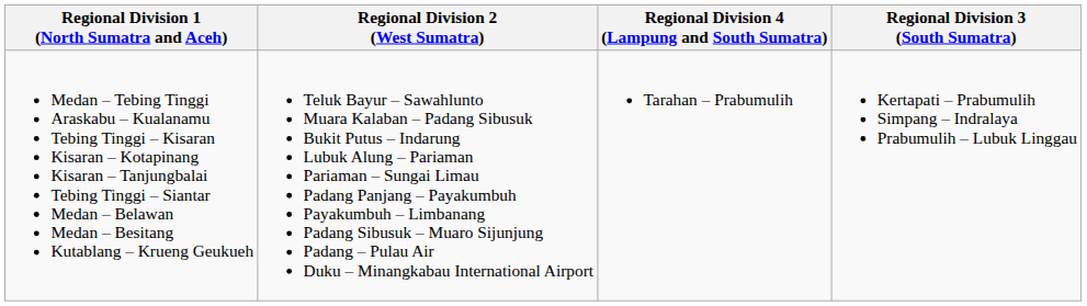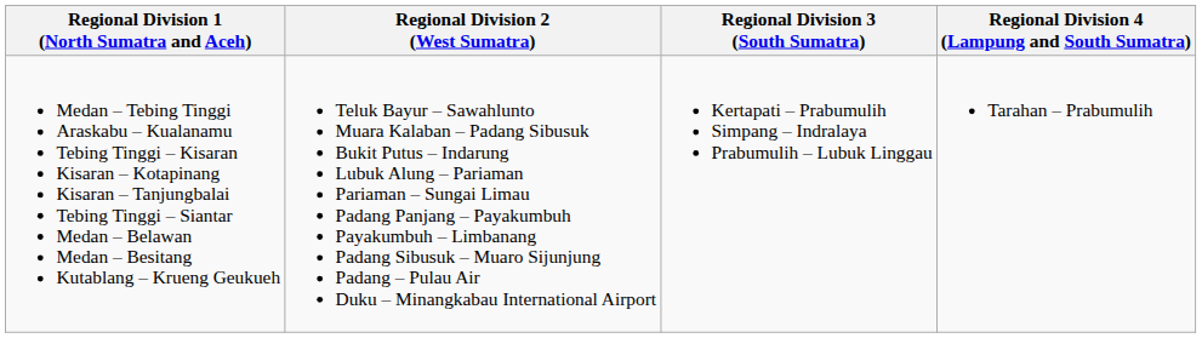 <table class=wikitable>
 <tr>
 <th>Regional Division 1<br> (<a href='#'>North Sumatra</a> and <a href='#'>Aceh</a>)</th>
 <th>Regional Division 2<br> (<a href='#'>West Sumatra</a>)</th>
+<th>Regional Division 3<br> (<a href='#'>South Sumatra</a>)</th>
 <th>Regional Division 4<br> (<a href='#'>Lampung</a> and <a href='#'>South Sumatra</a>)</th>
-<th>Regional Division 3<br> (<a href='#'>South Sumatra</a>)</th>
 </tr>
 <tr style="vertical-align: top;">
 <td><br><ul><li>Medan – Tebing Tinggi</li><li>Araskabu – Kualanamu</li><li>Tebing Tinggi – Kisaran</li><li>Kisaran – Kotapinang</li><li>Kisaran – Tanjungbalai</li><li>Tebing Tinggi – Siantar</li><li>Medan – Belawan</li><li>Medan – Besitang</li><li>Kutablang – Krueng Geukueh</li></ul></td>
 <td><br><ul><li>Teluk Bayur – Sawahlunto</li><li>Muara Kalaban – Padang Sibusuk</li><li>Bukit Putus – Indarung</li><li>Lubuk Alung – Pariaman</li><li>Pariaman – Sungai Limau</li><li>Padang Panjang – Payakumbuh</li><li>Payakumbuh – Limbanang</li><li>Padang Sibusuk – Muaro Sijunjung</li><li>Padang – Pulau Air</li><li>Duku – Minangkabau International Airport</li></ul></td>
+<td><br><ul><li>Kertapati – Prabumulih</li><li>Simpang – Indralaya</li><li>Prabumulih – Lubuk Linggau</li></ul></td>
 <td><br><ul><li>Tarahan – Prabumulih</li></ul></td>
-<td><br><ul><li>Kertapati – Prabumulih</li><li>Simpang – Indralaya</li><li>Prabumulih – Lubuk Linggau</li></ul></td>
 </tr>
 </table>
